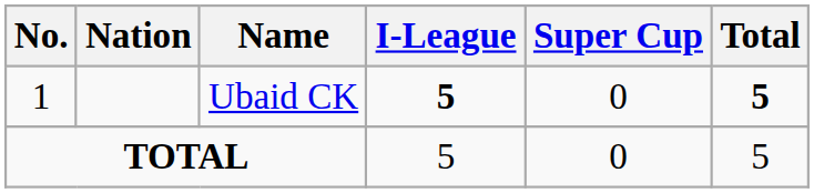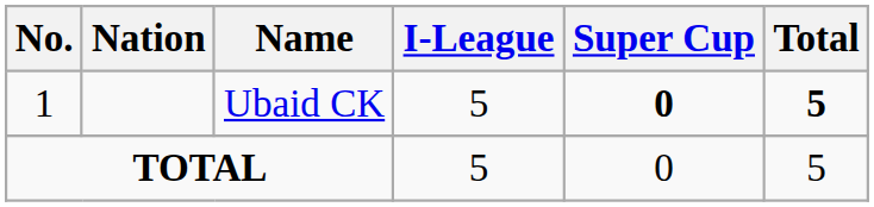 <table class="wikitable sortable" style="font-size: 95%; text-align: center;">
 <tr>
 <th>No.</th>
 <th>Nation</th>
 <th>Name</th>
 <th><a href='#'>I-League</a></th>
 <th><a href='#'>Super Cup</a></th>
 <th>Total</th>
 </tr>
 <tr>
 <td>1</td>
 <td></td>
 <td><a href='#'>Ubaid CK</a></td>
-<td><strong>5</strong></td>
-<td>0</td>
+<td>5</td>
+<td><strong>0</strong></td>
 <td><strong>5</strong></td>
 </tr>
 <tr bgcolor="#efefef">
 </tr>
 <tr>
 <td colspan=3><strong>TOTAL</strong></td>
 <td>5</td>
 <td>0</td>
 <td>5</td>
 </tr>
 </table>
